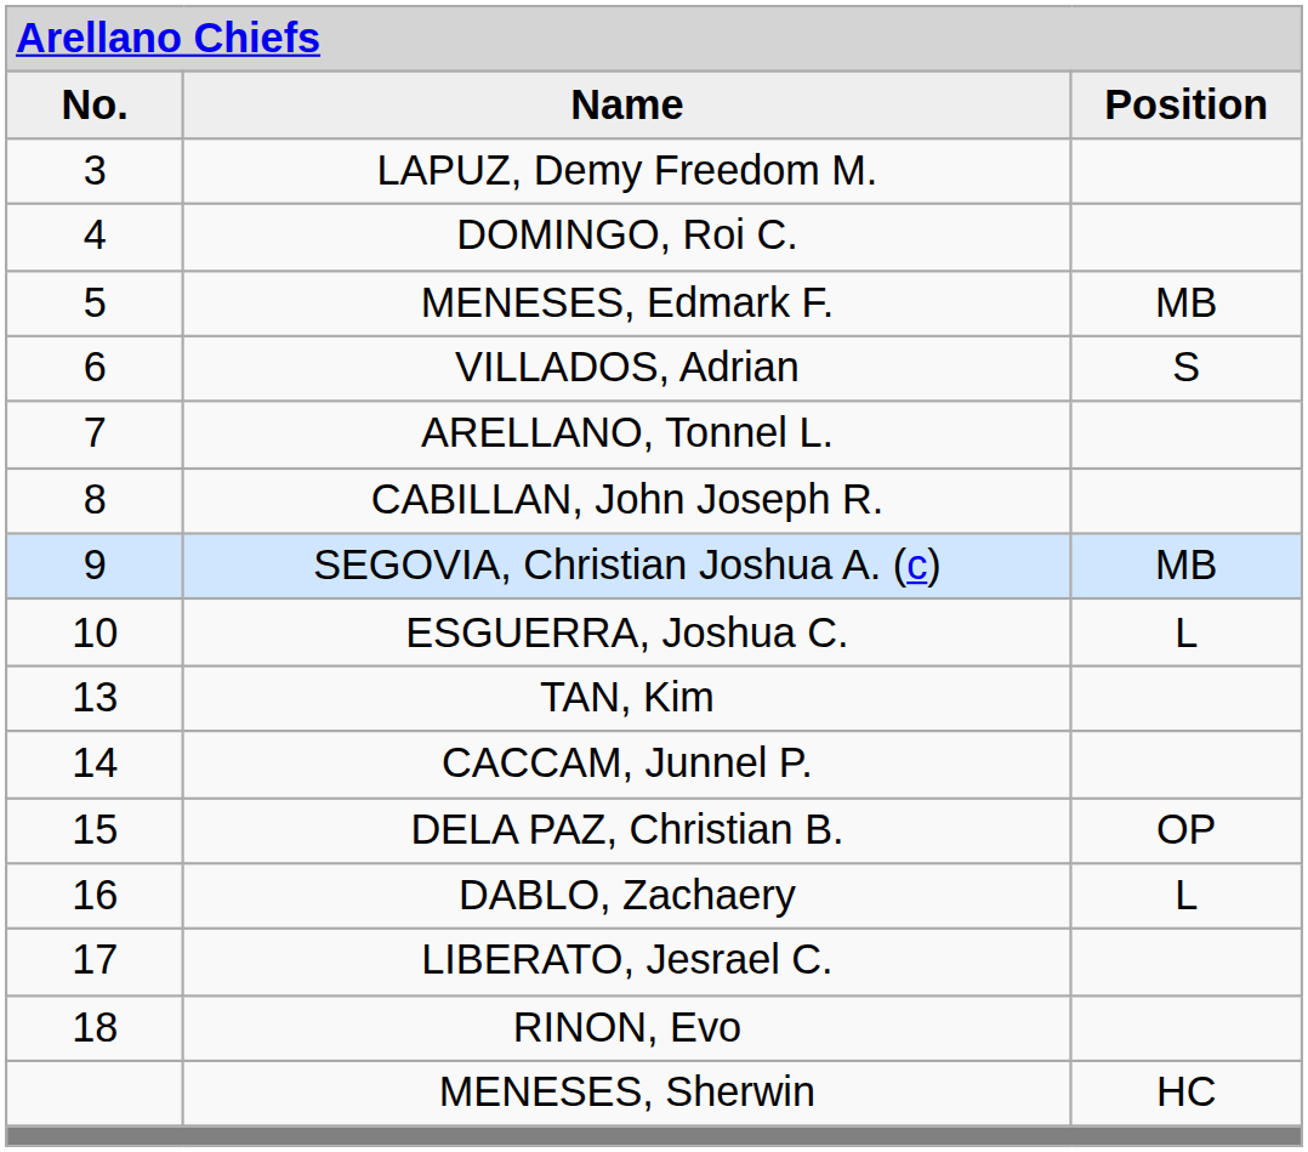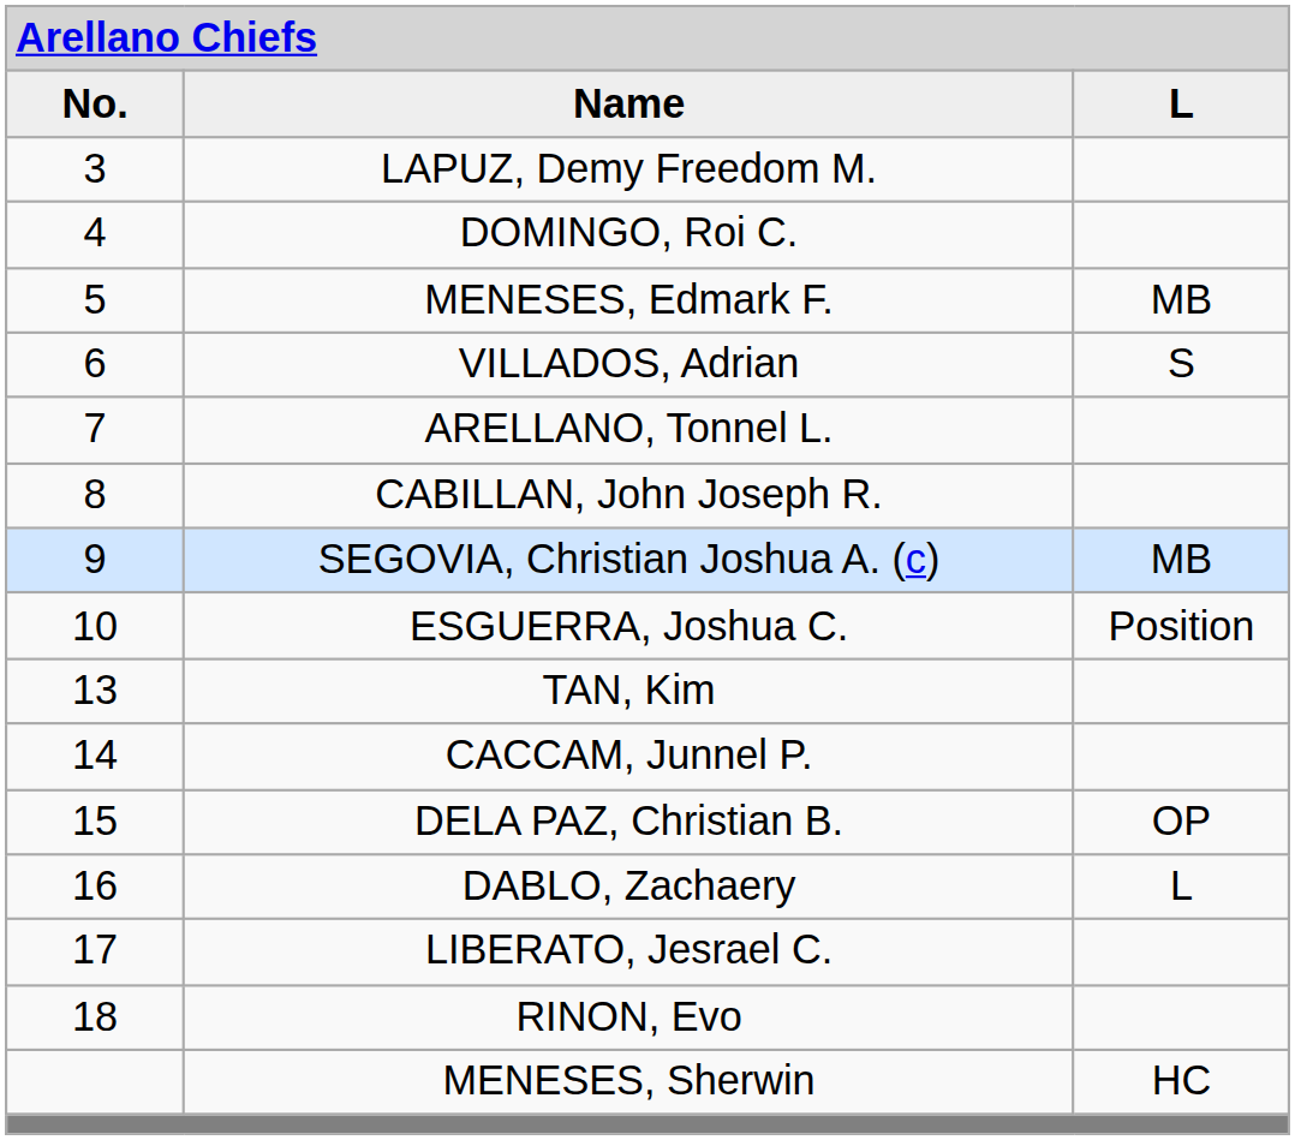 <table class='wikitable mw-collapsible mw-collapsed' style="text-align: center; width: 500px; border: none">
 <tr>
 <th style="background:#D4D4D4; text-align:left;" colspan=3><a href='#'>Arellano Chiefs</a></th>
 </tr>
 <tr style="background:#EEEEEE; font-weight:bold;">
 <td width=10%>No.</td>
 <td width=50%>Name</td>
-<td width=10%>Position</td>
+<td>L</td>
 </tr>
 <tr>
 <td>3</td>
 <td>LAPUZ, Demy Freedom M.</td>
 <td></td>
 </tr>
 <tr>
 <td>4</td>
 <td>DOMINGO, Roi C.</td>
 <td></td>
 </tr>
 <tr>
 <td>5</td>
 <td>MENESES, Edmark F.</td>
 <td>MB</td>
 </tr>
 <tr>
 <td>6</td>
 <td>VILLADOS, Adrian</td>
 <td>S</td>
 </tr>
 <tr>
 <td>7</td>
 <td>ARELLANO, Tonnel L.</td>
 <td></td>
 </tr>
 <tr>
 <td>8</td>
 <td>CABILLAN, John Joseph R.</td>
 <td></td>
 </tr>
 <tr style="background: #D0E6FF">
 <td>9</td>
 <td>SEGOVIA, Christian Joshua A. (<a href='#'>c</a>)</td>
 <td>MB</td>
 </tr>
 <tr>
 <td>10</td>
 <td>ESGUERRA, Joshua C.</td>
-<td>L</td>
+<td width=10%>Position</td>
 </tr>
 <tr>
 <td>13</td>
 <td>TAN, Kim</td>
 <td></td>
 </tr>
 <tr>
 <td>14</td>
 <td>CACCAM, Junnel P.</td>
 <td></td>
 </tr>
 <tr>
 <td>15</td>
 <td>DELA PAZ, Christian B.</td>
 <td>OP</td>
 </tr>
 <tr>
 <td>16</td>
 <td>DABLO, Zachaery</td>
 <td>L</td>
 </tr>
 <tr>
 <td>17</td>
 <td>LIBERATO, Jesrael C.</td>
 <td></td>
 </tr>
 <tr>
 <td>18</td>
 <td>RINON, Evo</td>
 <td></td>
 </tr>
 <tr>
 <td></td>
 <td>MENESES, Sherwin</td>
 <td align=center>HC</td>
 </tr>
 <tr>
 <th style='background: grey;' colspan=3></th>
 </tr>
 </table>
